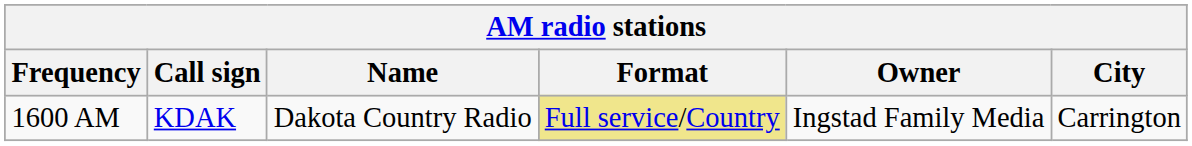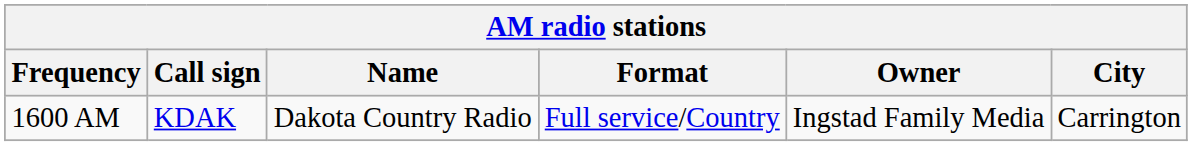 <table class="wikitable">
 <tr>
 <th align="center" colspan="6"><strong><a href='#'>AM radio</a> stations</strong></th>
 </tr>
 <tr>
 <th>Frequency</th>
 <th>Call sign</th>
 <th>Name</th>
 <th>Format</th>
 <th>Owner</th>
 <th>City</th>
 </tr>
 <tr>
 <td>1600 AM</td>
 <td><a href='#'>KDAK</a></td>
 <td>Dakota Country Radio</td>
-<td style="background: khaki;"><a href='#'>Full service</a>/<a href='#'>Country</a></td>
+<td><a href='#'>Full service</a>/<a href='#'>Country</a></td>
 <td>Ingstad Family Media</td>
 <td>Carrington</td>
 </tr>
 </table>
